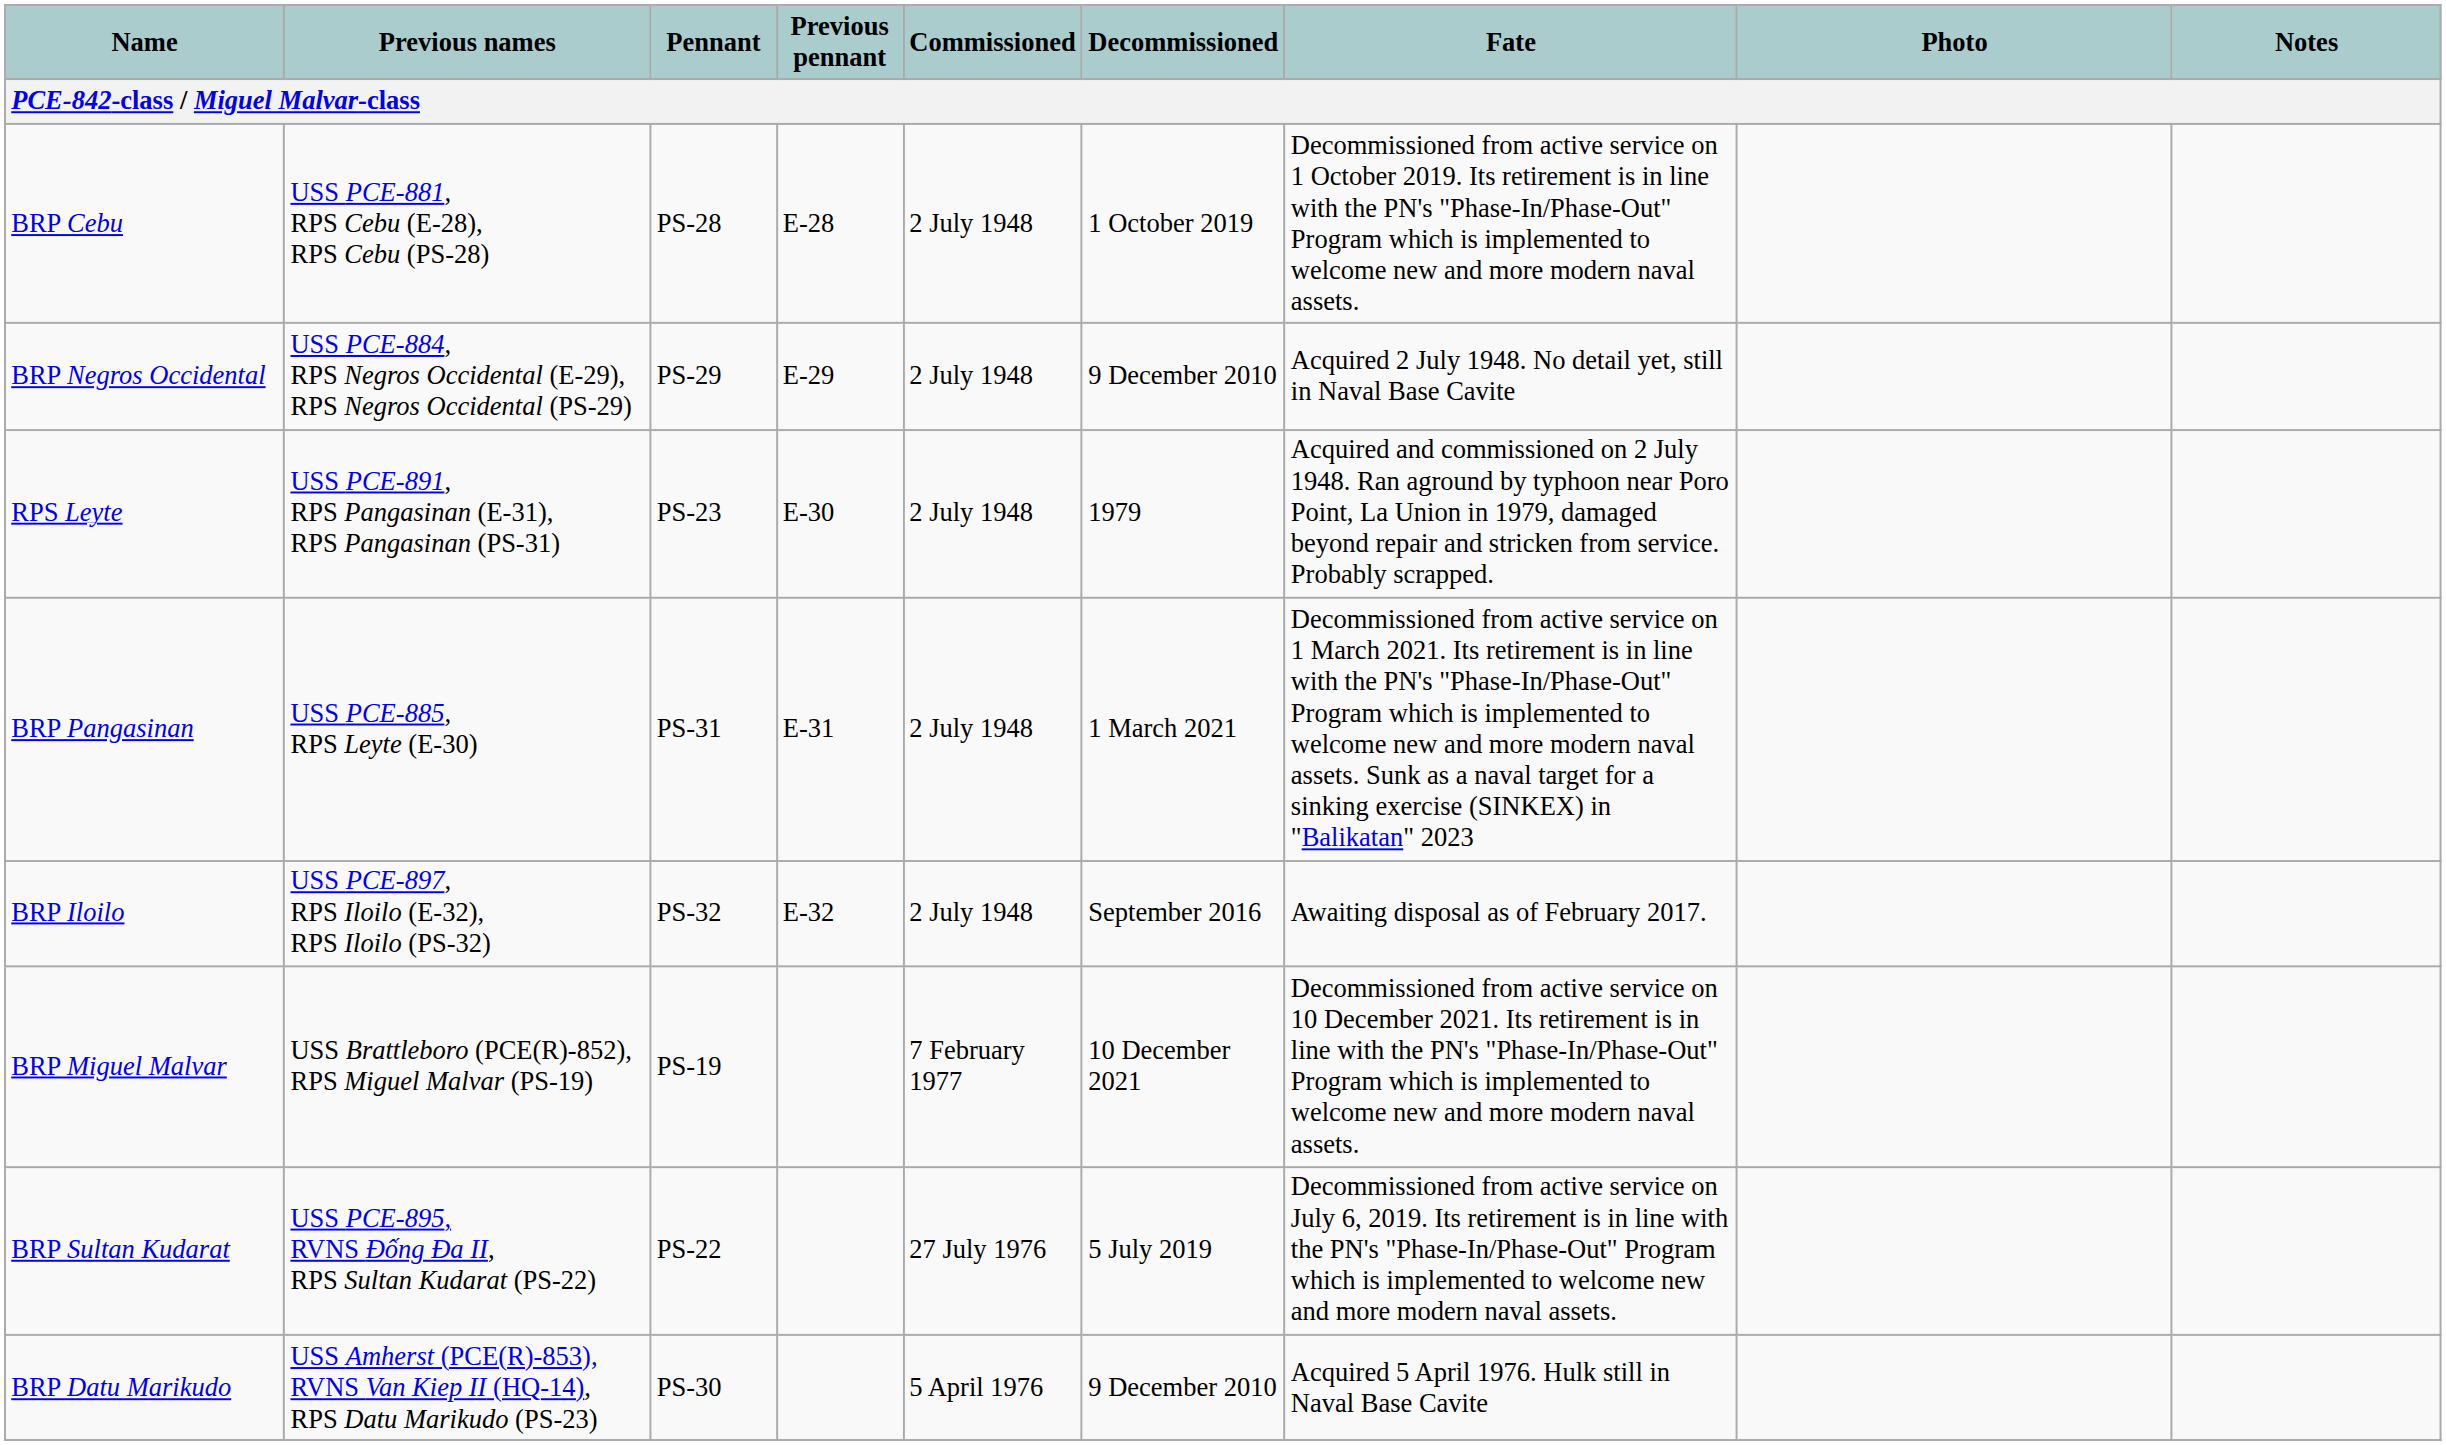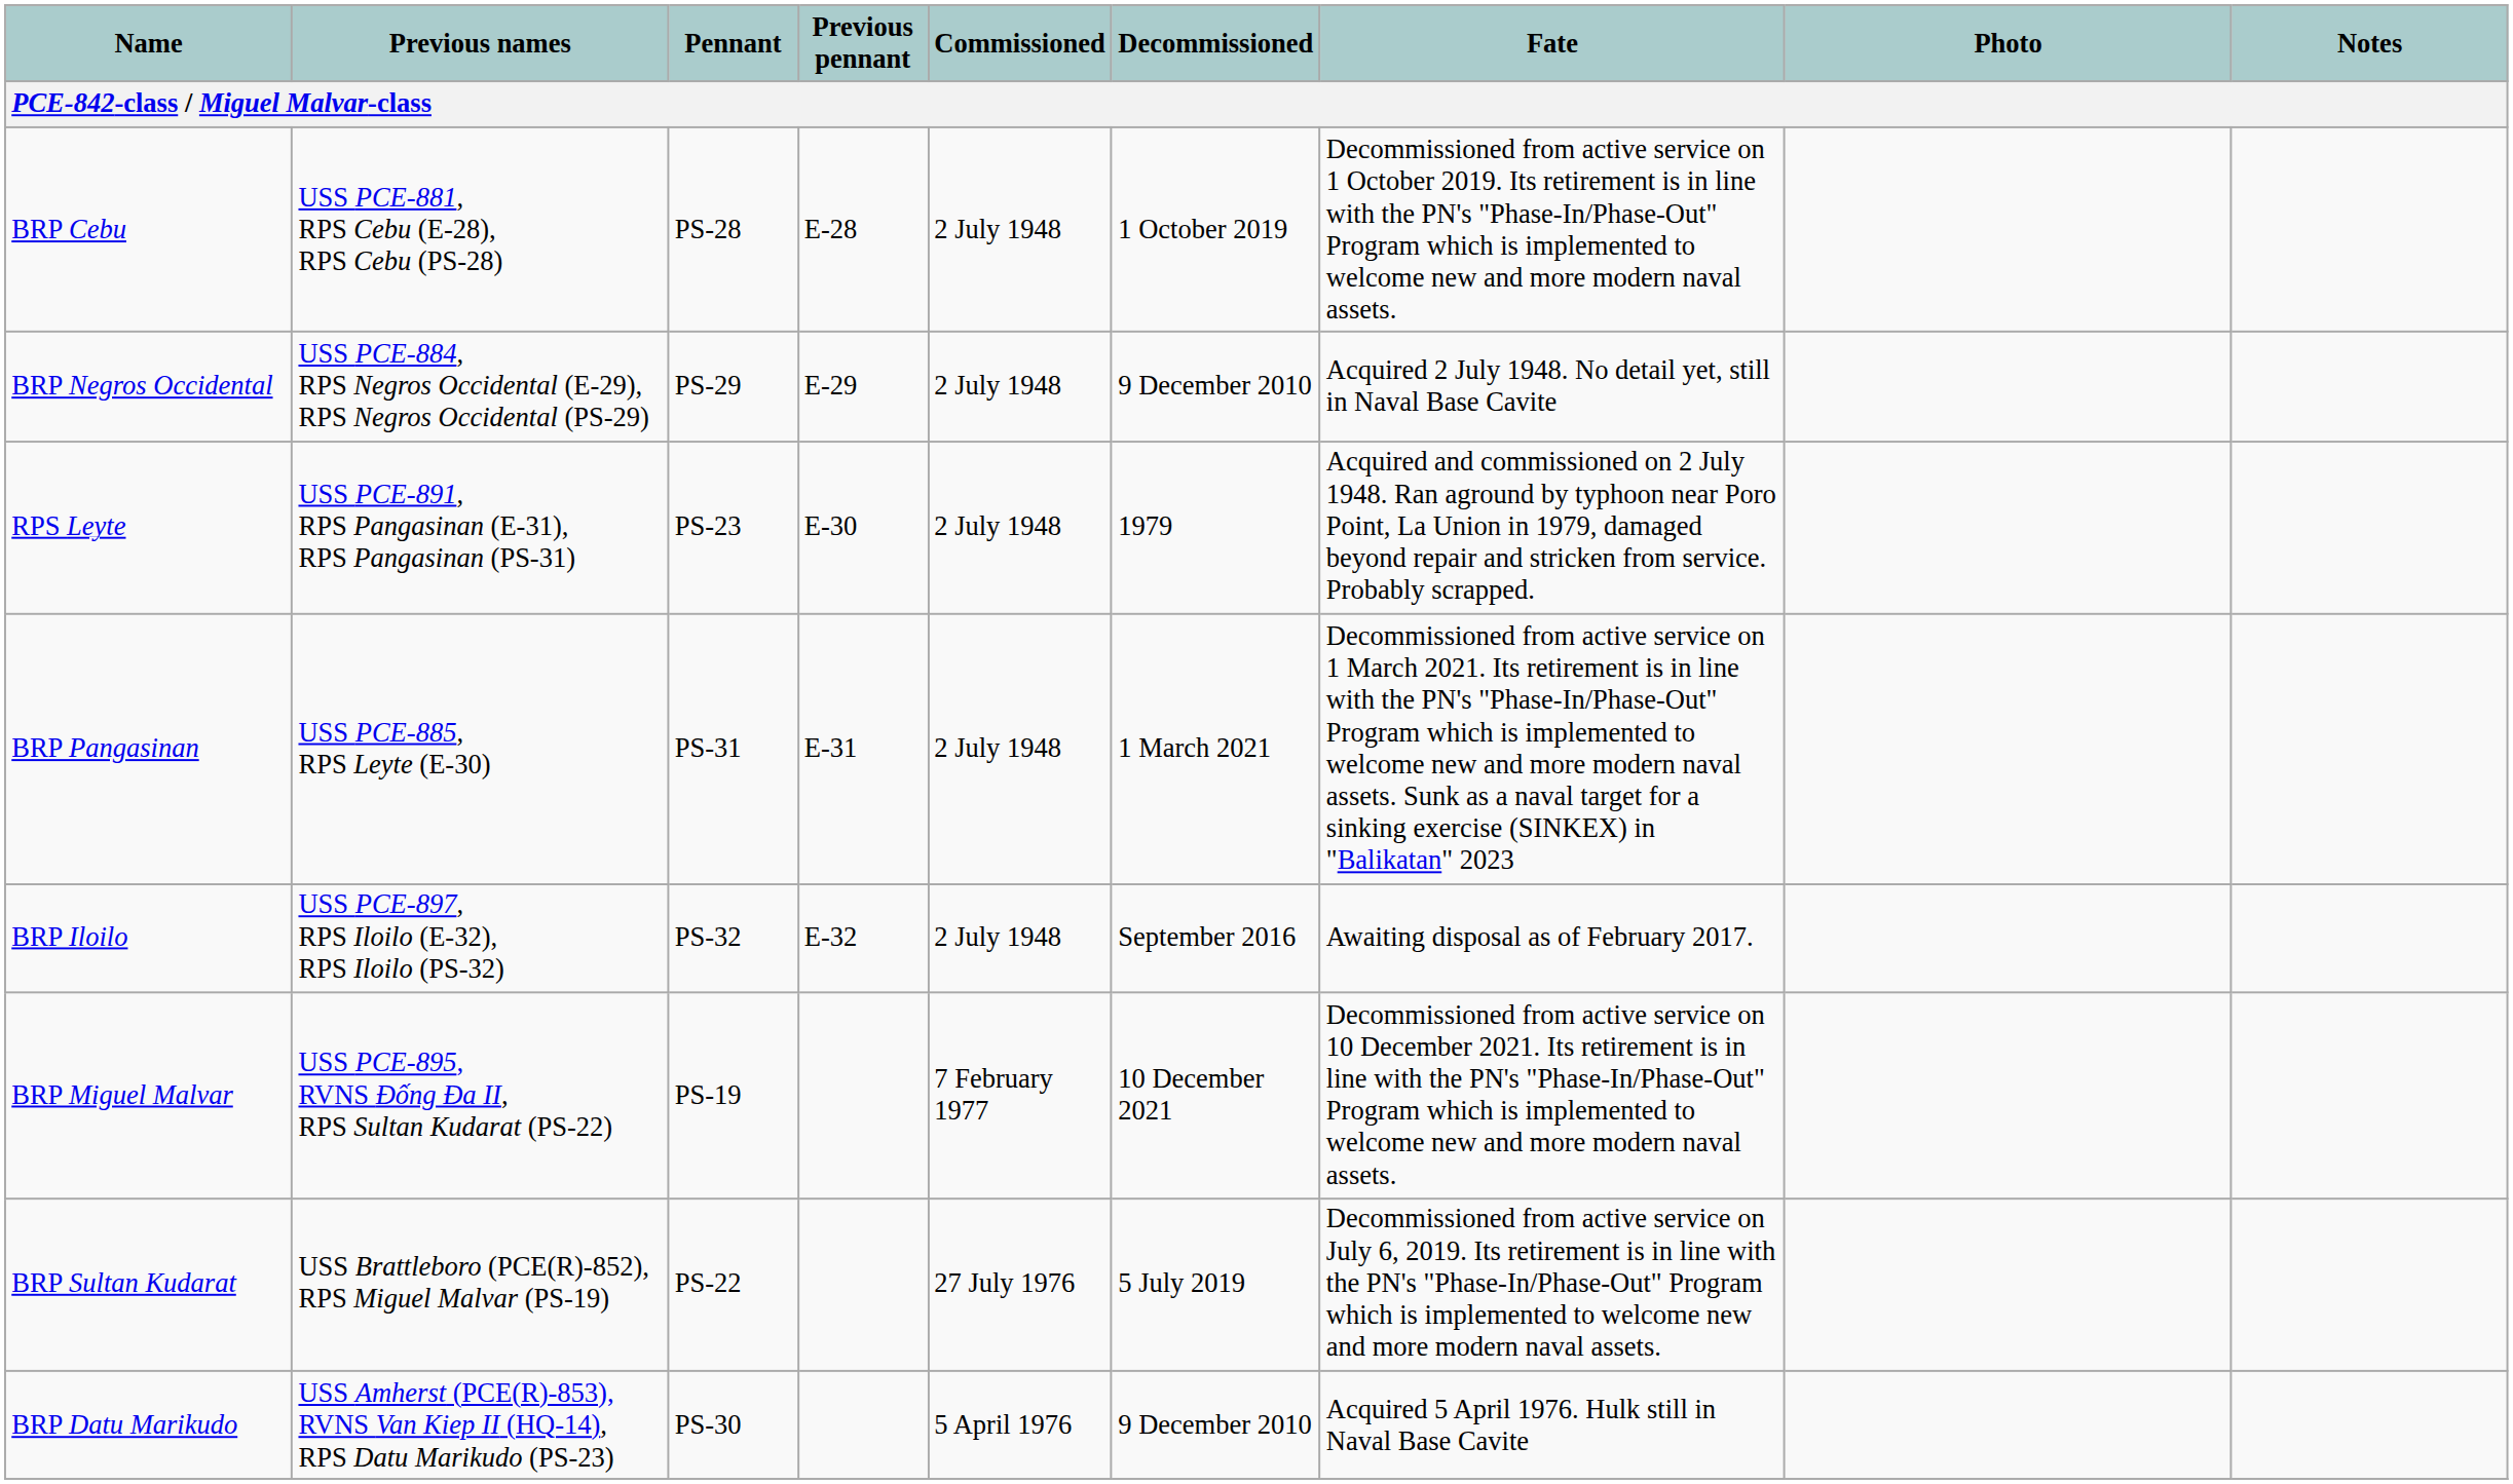 <table class="wikitable" style="font-size:85%;">
 <tr>
 <th style="text-align: center; background: #aacccc;" width="150">Name</th>
 <th style="text-align: center; background: #aacccc;" width="200">Previous names</th>
 <th style="text-align: center; background: #aacccc;" width="60">Pennant</th>
 <th style="text-align: center; background: #aacccc;" width="60">Previous pennant</th>
 <th style="text-align: center; background: #aacccc;" width="50">Commissioned</th>
 <th style="text-align: center; background: #aacccc;" width="50">Decommissioned</th>
 <th style="text-align: center; background: #aacccc;" width="250">Fate</th>
 <th style="text-align: center; background: #aacccc;" width="250">Photo</th>
 <th style="text-align: center; background: #aacccc;" width="150">Notes</th>
 </tr>
 <tr>
 <th style="text-align: left;" colspan="9"><a href='#'><em>PCE-842</em>-class</a> / <a href='#'><em>Miguel Malvar</em>-class</a></th>
 </tr>
 <tr>
 <td><a href='#'>BRP <em>Cebu</em></a></td>
 <td><a href='#'>USS <em>PCE-881</em></a>,<br>RPS <em>Cebu</em> (E-28),<br>RPS <em>Cebu</em> (PS-28)</td>
 <td>PS-28</td>
 <td>E-28</td>
 <td>2 July 1948</td>
 <td>1 October 2019</td>
 <td>Decommissioned from active service on 1 October 2019. Its retirement is in line with the PN's "Phase-In/Phase-Out" Program which is implemented to welcome new and more modern naval assets.</td>
 <td></td>
 <td></td>
 </tr>
 <tr>
 <td><a href='#'>BRP <em>Negros Occidental</em></a></td>
 <td><a href='#'>USS <em>PCE-884</em></a>,<br>RPS <em>Negros Occidental</em> (E-29),<br>RPS <em>Negros Occidental</em> (PS-29)</td>
 <td>PS-29</td>
 <td>E-29</td>
 <td>2 July 1948</td>
 <td>9 December 2010</td>
 <td>Acquired 2 July 1948. No detail yet, still in Naval Base Cavite</td>
 <td></td>
 <td></td>
 </tr>
 <tr>
 <td><a href='#'>RPS <em>Leyte</em></a></td>
 <td><a href='#'>USS <em>PCE-891</em></a>,<br>RPS <em>Pangasinan</em> (E-31),<br>RPS <em>Pangasinan</em> (PS-31)</td>
 <td>PS-23</td>
 <td>E-30</td>
 <td>2 July 1948</td>
 <td>1979</td>
 <td>Acquired and commissioned on 2 July 1948. Ran aground by typhoon near Poro Point, La Union in 1979, damaged beyond repair and stricken from service. Probably scrapped.</td>
 <td></td>
 <td></td>
 </tr>
 <tr>
 <td><a href='#'>BRP <em>Pangasinan</em></a></td>
 <td><a href='#'>USS <em>PCE-885</em></a>,<br>RPS <em>Leyte</em> (E-30)</td>
 <td>PS-31</td>
 <td>E-31</td>
 <td>2 July 1948</td>
 <td>1 March 2021</td>
 <td>Decommissioned from active service on 1 March 2021. Its retirement is in line with the PN's "Phase-In/Phase-Out" Program which is implemented to welcome new and more modern naval assets. Sunk as a naval target for a sinking exercise (SINKEX) in                   "<a href='#'>Balikatan</a>" 2023</td>
 <td></td>
 <td></td>
 </tr>
 <tr>
 <td><a href='#'>BRP <em>Iloilo</em></a></td>
 <td><a href='#'>USS <em>PCE-897</em></a>,<br>RPS <em>Iloilo</em> (E-32),<br>RPS <em>Iloilo</em> (PS-32)</td>
 <td>PS-32</td>
 <td>E-32</td>
 <td>2 July 1948</td>
 <td>September 2016</td>
 <td>Awaiting disposal as of February 2017.</td>
 <td></td>
 <td></td>
 </tr>
 <tr>
 <td><a href='#'>BRP <em>Miguel Malvar</em></a></td>
-<td>USS <em>Brattleboro</em> (PCE(R)-852),<br>RPS <em>Miguel Malvar</em> (PS-19)</td>
+<td><a href='#'>USS <em>PCE-895</em>,<br>RVNS <em>Đống Đa II</em></a>,<br>RPS <em>Sultan Kudarat</em> (PS-22)</td>
 <td>PS-19</td>
 <td></td>
 <td>7 February 1977</td>
 <td>10 December 2021</td>
 <td>Decommissioned from active service on 10 December 2021. Its retirement is in line with the PN's "Phase-In/Phase-Out" Program which is implemented to welcome new and more modern naval assets.</td>
 <td></td>
 <td></td>
 </tr>
 <tr>
 <td><a href='#'>BRP <em>Sultan Kudarat</em></a></td>
-<td><a href='#'>USS <em>PCE-895</em>,<br>RVNS <em>Đống Đa II</em></a>,<br>RPS <em>Sultan Kudarat</em> (PS-22)</td>
+<td>USS <em>Brattleboro</em> (PCE(R)-852),<br>RPS <em>Miguel Malvar</em> (PS-19)</td>
 <td>PS-22</td>
 <td></td>
 <td>27 July 1976</td>
 <td>5 July 2019</td>
 <td>Decommissioned from active service on July 6, 2019. Its retirement is in line with the PN's "Phase-In/Phase-Out" Program which is implemented to welcome new and more modern naval assets.</td>
 <td></td>
 <td></td>
 </tr>
 <tr>
 <td><a href='#'>BRP <em>Datu Marikudo</em></a></td>
 <td><a href='#'>USS <em>Amherst</em> (PCE(R)-853),<br>RVNS <em>Van Kiep II</em> (HQ-14)</a>,<br>RPS <em>Datu Marikudo</em> (PS-23)</td>
 <td>PS-30</td>
 <td></td>
 <td>5 April 1976</td>
 <td>9 December 2010</td>
 <td>Acquired 5 April 1976. Hulk still in Naval Base Cavite</td>
 <td></td>
 <td></td>
 </tr>
 <tr>
 </tr>
 </table>
